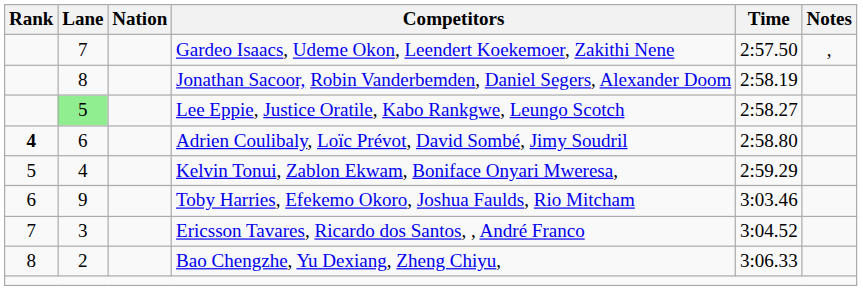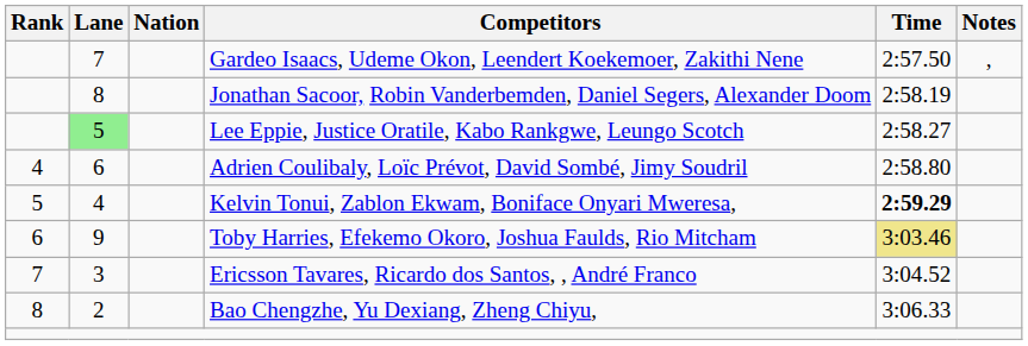 <table class="wikitable sortable" style="text-align:center">
 <tr>
 <th>Rank</th>
 <th>Lane</th>
 <th>Nation</th>
 <th>Competitors</th>
 <th>Time</th>
 <th>Notes</th>
 </tr>
 <tr>
 <td></td>
 <td>7</td>
 <td align="left"></td>
 <td align="left"><a href='#'>Gardeo Isaacs</a>, <a href='#'>Udeme Okon</a>, <a href='#'>Leendert Koekemoer</a>, <a href='#'>Zakithi Nene</a></td>
 <td>2:57.50</td>
 <td>, </td>
 </tr>
 <tr>
 <td></td>
 <td>8</td>
 <td align="left"></td>
 <td align="left"><a href='#'>Jonathan Sacoor,</a> <a href='#'>Robin Vanderbemden</a>, <a href='#'>Daniel Segers</a>, <a href='#'>Alexander Doom</a></td>
 <td>2:58.19</td>
 <td></td>
 </tr>
 <tr>
 <td></td>
 <td style="background: lightgreen;">5</td>
 <td align="left"></td>
 <td align="left"><a href='#'>Lee Eppie</a>, <a href='#'>Justice Oratile</a>, <a href='#'>Kabo Rankgwe</a>, <a href='#'>Leungo Scotch</a></td>
 <td>2:58.27</td>
 <td></td>
 </tr>
 <tr>
-<td><strong>4</strong></td>
+<td>4</td>
 <td>6</td>
 <td align="left"></td>
 <td align="left"><a href='#'>Adrien Coulibaly</a>, <a href='#'>Loïc Prévot</a>, <a href='#'>David Sombé</a>, <a href='#'>Jimy Soudril</a></td>
 <td>2:58.80</td>
 <td></td>
 </tr>
 <tr>
 <td>5</td>
 <td>4</td>
 <td align="left"></td>
 <td align="left"><a href='#'>Kelvin Tonui</a>, <a href='#'>Zablon Ekwam</a>, <a href='#'>Boniface Onyari Mweresa</a>, </td>
-<td>2:59.29</td>
+<td><strong>2:59.29</strong></td>
 <td></td>
 </tr>
 <tr>
 <td>6</td>
 <td>9</td>
 <td align="left"></td>
 <td align="left"><a href='#'>Toby Harries</a>, <a href='#'>Efekemo Okoro</a>, <a href='#'>Joshua Faulds</a>, <a href='#'>Rio Mitcham</a></td>
-<td>3:03.46</td>
+<td style="background: khaki;">3:03.46</td>
 <td></td>
 </tr>
 <tr>
 <td>7</td>
 <td>3</td>
 <td align="left"></td>
 <td align="left"><a href='#'>Ericsson Tavares</a>, <a href='#'>Ricardo dos Santos</a>, , <a href='#'>André Franco</a></td>
 <td>3:04.52</td>
 <td></td>
 </tr>
 <tr>
 <td>8</td>
 <td>2</td>
 <td align="left"></td>
 <td align="left"><a href='#'>Bao Chengzhe</a>, <a href='#'>Yu Dexiang</a>, <a href='#'>Zheng Chiyu</a>, </td>
 <td>3:06.33</td>
 <td></td>
 </tr>
 <tr class="sortbottom">
 <td colspan="6"></td>
 </tr>
 </table>
